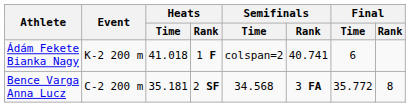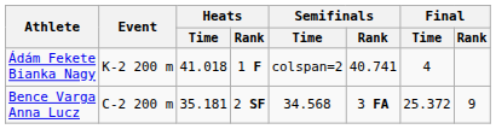 <table class=wikitable style="font-size:90%">
 <tr>
 <th rowspan="2">Athlete</th>
 <th rowspan="2">Event</th>
 <th colspan=2>Heats</th>
 <th colspan=2>Semifinals</th>
 <th colspan=2>Final</th>
 </tr>
 <tr style="font-size:95%">
 <th>Time</th>
 <th>Rank</th>
 <th>Time</th>
 <th>Rank</th>
 <th>Time</th>
 <th>Rank</th>
 </tr>
 <tr align=center>
 <td align=left><a href='#'>Ádám Fekete</a><br><a href='#'>Bianka Nagy</a></td>
 <td align=left>K-2 200 m</td>
 <td>41.018</td>
 <td>1 <strong>F</strong></td>
 <td>colspan=2</td>
 <td>40.741</td>
-<td>6</td>
+<td>4</td>
 </tr>
 <tr align=center>
 <td align=left><a href='#'>Bence Varga</a><br><a href='#'>Anna Lucz</a></td>
 <td align=left>C-2 200 m</td>
 <td>35.181</td>
 <td>2 <strong>SF</strong></td>
 <td>34.568</td>
 <td>3 <strong>FA</strong></td>
-<td>35.772</td>
-<td>8</td>
+<td>25.372</td>
+<td>9</td>
 </tr>
 </table>
